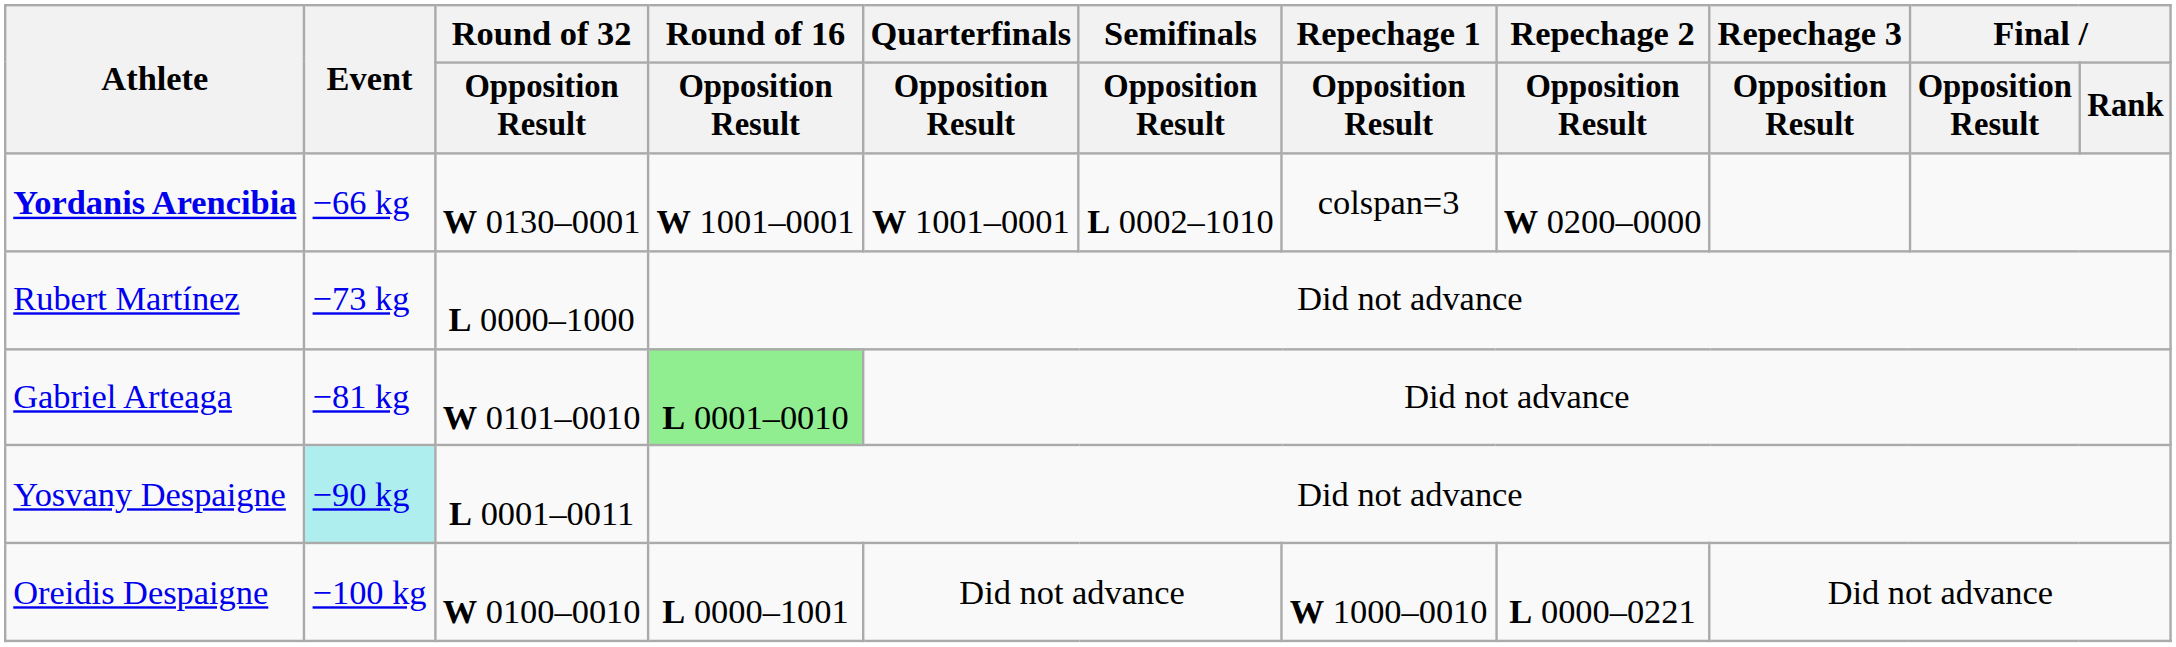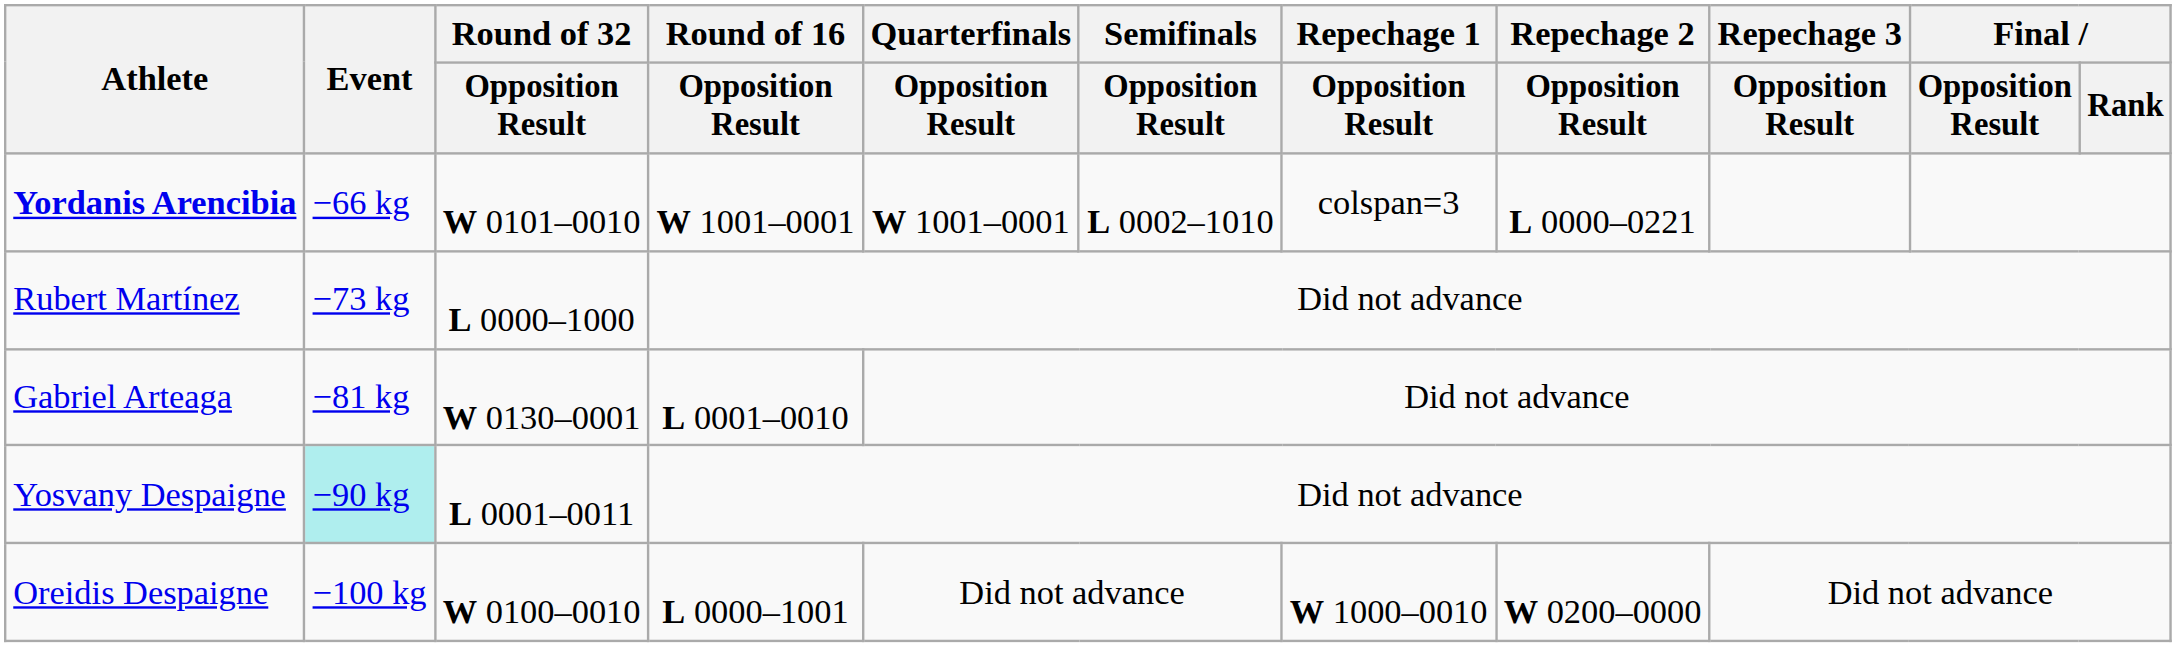 <table class="wikitable" style="font-size:90%">
 <tr>
 <th rowspan="2">Athlete</th>
 <th rowspan="2">Event</th>
 <th>Round of 32</th>
 <th>Round of 16</th>
 <th>Quarterfinals</th>
 <th>Semifinals</th>
 <th>Repechage 1</th>
 <th>Repechage 2</th>
 <th>Repechage 3</th>
 <th colspan=2>Final / </th>
 </tr>
 <tr style="font-size:95%">
 <th>Opposition<br>Result</th>
 <th>Opposition<br>Result</th>
 <th>Opposition<br>Result</th>
 <th>Opposition<br>Result</th>
 <th>Opposition<br>Result</th>
 <th>Opposition<br>Result</th>
 <th>Opposition<br>Result</th>
 <th>Opposition<br>Result</th>
 <th>Rank</th>
 </tr>
 <tr align=center>
 <td align=left><strong><a href='#'>Yordanis Arencibia</a></strong></td>
 <td align=left><a href='#'>−66 kg</a></td>
-<td><br><strong>W</strong> 0130–0001</td>
+<td><br><strong>W</strong> 0101–0010</td>
 <td><br><strong>W</strong> 1001–0001</td>
 <td><br><strong>W</strong> 1001–0001</td>
 <td><br><strong>L</strong> 0002–1010</td>
 <td>colspan=3 </td>
-<td><br><strong>W</strong> 0200–0000</td>
+<td><br><strong>L</strong> 0000–0221</td>
 <td></td>
 </tr>
 <tr align=center>
 <td align=left><a href='#'>Rubert Martínez</a></td>
 <td align=left><a href='#'>−73 kg</a></td>
 <td><br><strong>L</strong> 0000–1000</td>
 <td colspan=8>Did not advance</td>
 </tr>
 <tr align=center>
 <td align=left><a href='#'>Gabriel Arteaga</a></td>
 <td align=left><a href='#'>−81 kg</a></td>
-<td><br><strong>W</strong> 0101–0010</td>
-<td style="background: lightgreen;"><br><strong>L</strong> 0001–0010</td>
+<td><br><strong>W</strong> 0130–0001</td>
+<td><br><strong>L</strong> 0001–0010</td>
 <td colspan=7>Did not advance</td>
 </tr>
 <tr align=center>
 <td align=left><a href='#'>Yosvany Despaigne</a></td>
 <td align=left style="background: paleturquoise;"><a href='#'>−90 kg</a></td>
 <td><br><strong>L</strong> 0001–0011</td>
 <td colspan=8>Did not advance</td>
 </tr>
 <tr align=center>
 <td align=left><a href='#'>Oreidis Despaigne</a></td>
 <td align=left><a href='#'>−100 kg</a></td>
 <td><br><strong>W</strong> 0100–0010</td>
 <td><br><strong>L</strong> 0000–1001</td>
 <td colspan=2>Did not advance</td>
 <td><br><strong>W</strong> 1000–0010</td>
-<td><br><strong>L</strong> 0000–0221</td>
+<td><br><strong>W</strong> 0200–0000</td>
 <td colspan=3>Did not advance</td>
 </tr>
 </table>
